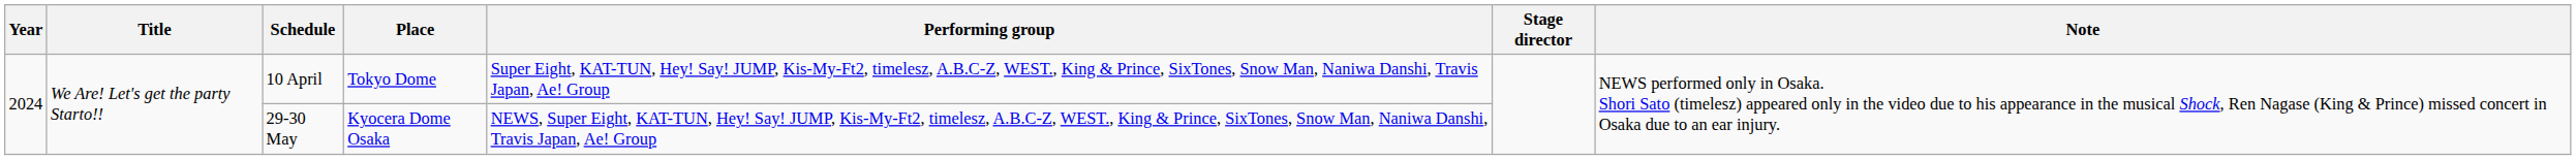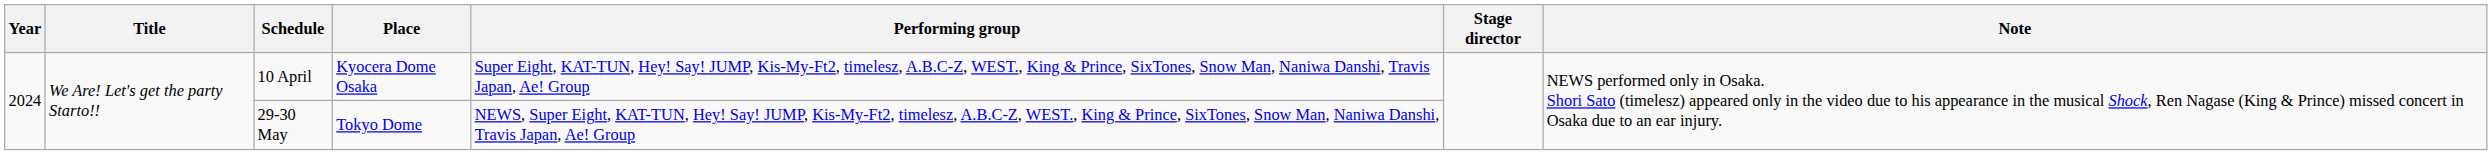 <table class="wikitable" style="text-align:left;font-size:small;">
 <tr>
 <th>Year</th>
 <th>Title</th>
 <th>Schedule</th>
 <th>Place</th>
 <th>Performing group</th>
 <th>Stage director</th>
 <th>Note</th>
 </tr>
 <tr>
 <td rowspan=2>2024</td>
 <td rowspan=2><em>We Are! Let's get the party Starto!!</em></td>
 <td>10 April</td>
-<td><a href='#'>Tokyo Dome</a></td>
+<td><a href='#'>Kyocera Dome Osaka</a></td>
 <td><a href='#'>Super Eight</a>, <a href='#'>KAT-TUN</a>, <a href='#'>Hey! Say! JUMP</a>, <a href='#'>Kis-My-Ft2</a>, <a href='#'>timelesz</a>, <a href='#'>A.B.C-Z</a>, <a href='#'>WEST.</a>, <a href='#'>King & Prince</a>, <a href='#'>SixTones</a>, <a href='#'>Snow Man</a>, <a href='#'>Naniwa Danshi</a>, <a href='#'>Travis Japan</a>, <a href='#'>Ae! Group</a></td>
 <td rowspan=2></td>
 <td rowspan=2>NEWS performed only in Osaka.<br><a href='#'>Shori Sato</a> (timelesz) appeared only in the video due to his appearance in the musical <em><a href='#'>Shock</a></em>, Ren Nagase (King & Prince) missed concert in Osaka due to an ear injury.</td>
 </tr>
 <tr>
 <td>29-30 May</td>
-<td><a href='#'>Kyocera Dome Osaka</a></td>
+<td><a href='#'>Tokyo Dome</a></td>
 <td><a href='#'>NEWS</a>, <a href='#'>Super Eight</a>, <a href='#'>KAT-TUN</a>, <a href='#'>Hey! Say! JUMP</a>, <a href='#'>Kis-My-Ft2</a>, <a href='#'>timelesz</a>, <a href='#'>A.B.C-Z</a>, <a href='#'>WEST.</a>, <a href='#'>King & Prince</a>, <a href='#'>SixTones</a>, <a href='#'>Snow Man</a>, <a href='#'>Naniwa Danshi</a>, <a href='#'>Travis Japan</a>, <a href='#'>Ae! Group</a></td>
 </tr>
 </table>
